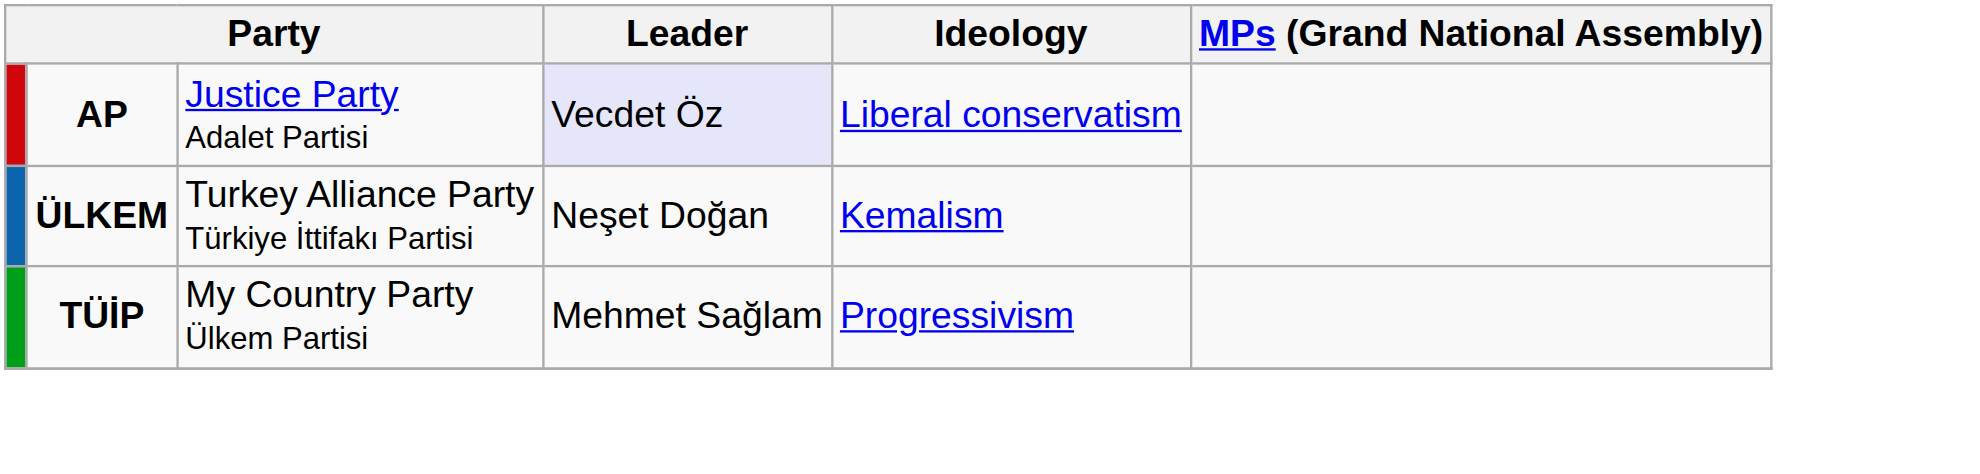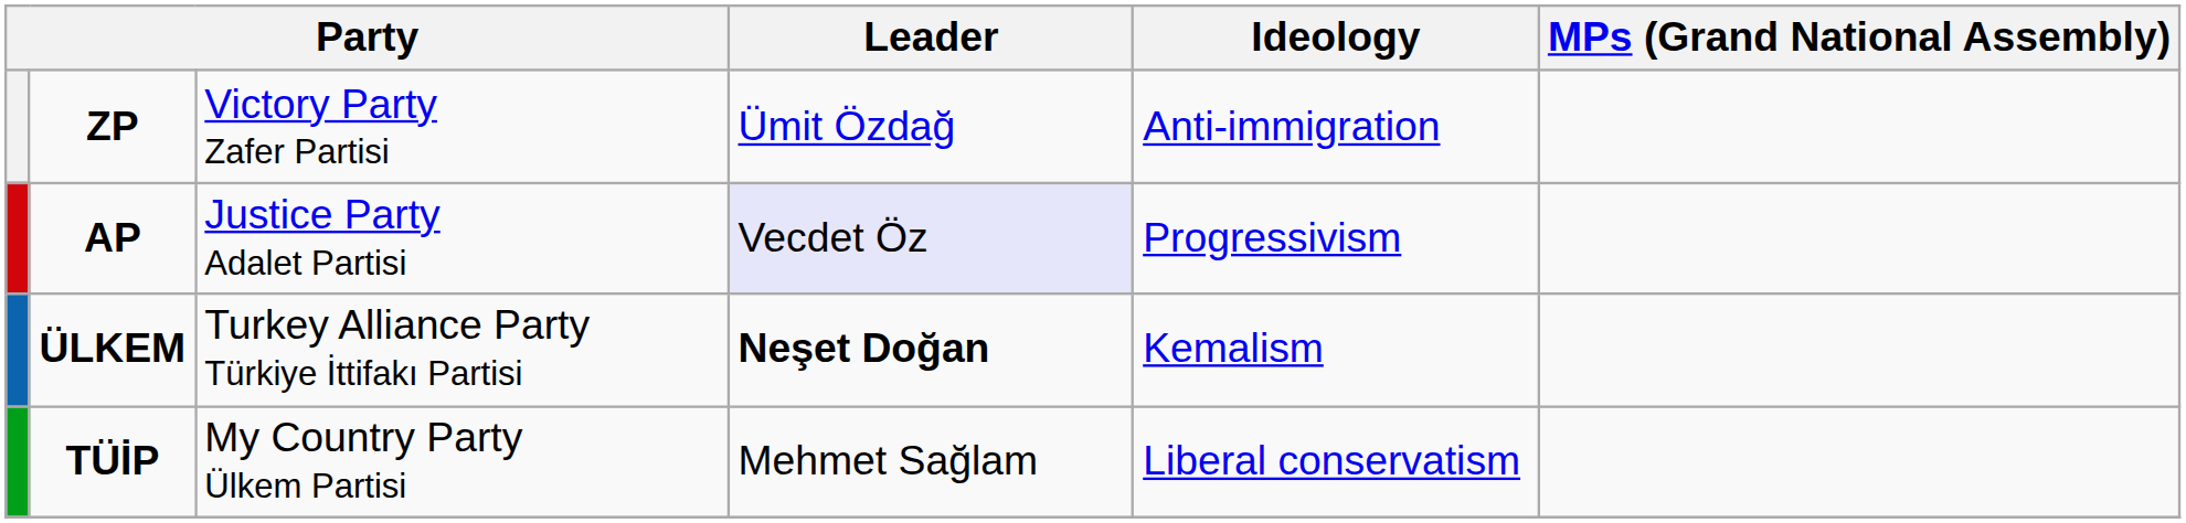 <table class="wikitable">
 <tr>
 <th colspan=3>Party</th>
 <th>Leader</th>
 <th>Ideology</th>
 <th><a href='#'>MPs</a> (Grand National Assembly)</th>
 </tr>
 <tr>
+<th style="background:"></th>
+<td align=center><strong>ZP</strong></td>
+<td style="width:200px"><a href='#'>Victory Party</a><br><small>Zafer Partisi</small></td>
+<td style="width:150px"><a href='#'>Ümit Özdağ</a></td>
+<td style="width:150px"><a href='#'>Anti-immigration</a></td>
+<td></td>
+</tr>
+<tr>
 <th style="background:#D1050C; width:2px;"></th>
 <td align=center><strong>AP</strong></td>
 <td><a href='#'>Justice Party</a><br><small>Adalet Partisi</small></td>
 <td style="background: lavender;">Vecdet Öz</td>
-<td><a href='#'>Liberal conservatism</a></td>
+<td><a href='#'>Progressivism</a></td>
 <td></td>
 </tr>
 <tr>
 <th style="background:#0C64AC; width:2px;"></th>
 <td align=center><strong>ÜLKEM</strong></td>
 <td>Turkey Alliance Party<br><small>Türkiye İttifakı Partisi</small></td>
-<td>Neşet Doğan</td>
+<td><strong>Neşet Doğan</strong></td>
 <td><a href='#'>Kemalism</a></td>
 <td></td>
 </tr>
 <tr>
 <th style="background:#009F1A; width:2px;"></th>
 <td align=center><strong>TÜİP</strong></td>
 <td>My Country Party<br><small>Ülkem Partisi</small></td>
 <td>Mehmet Sağlam</td>
-<td><a href='#'>Progressivism</a></td>
+<td><a href='#'>Liberal conservatism</a></td>
 <td></td>
 </tr>
 <tr>
 </tr>
 </table>
